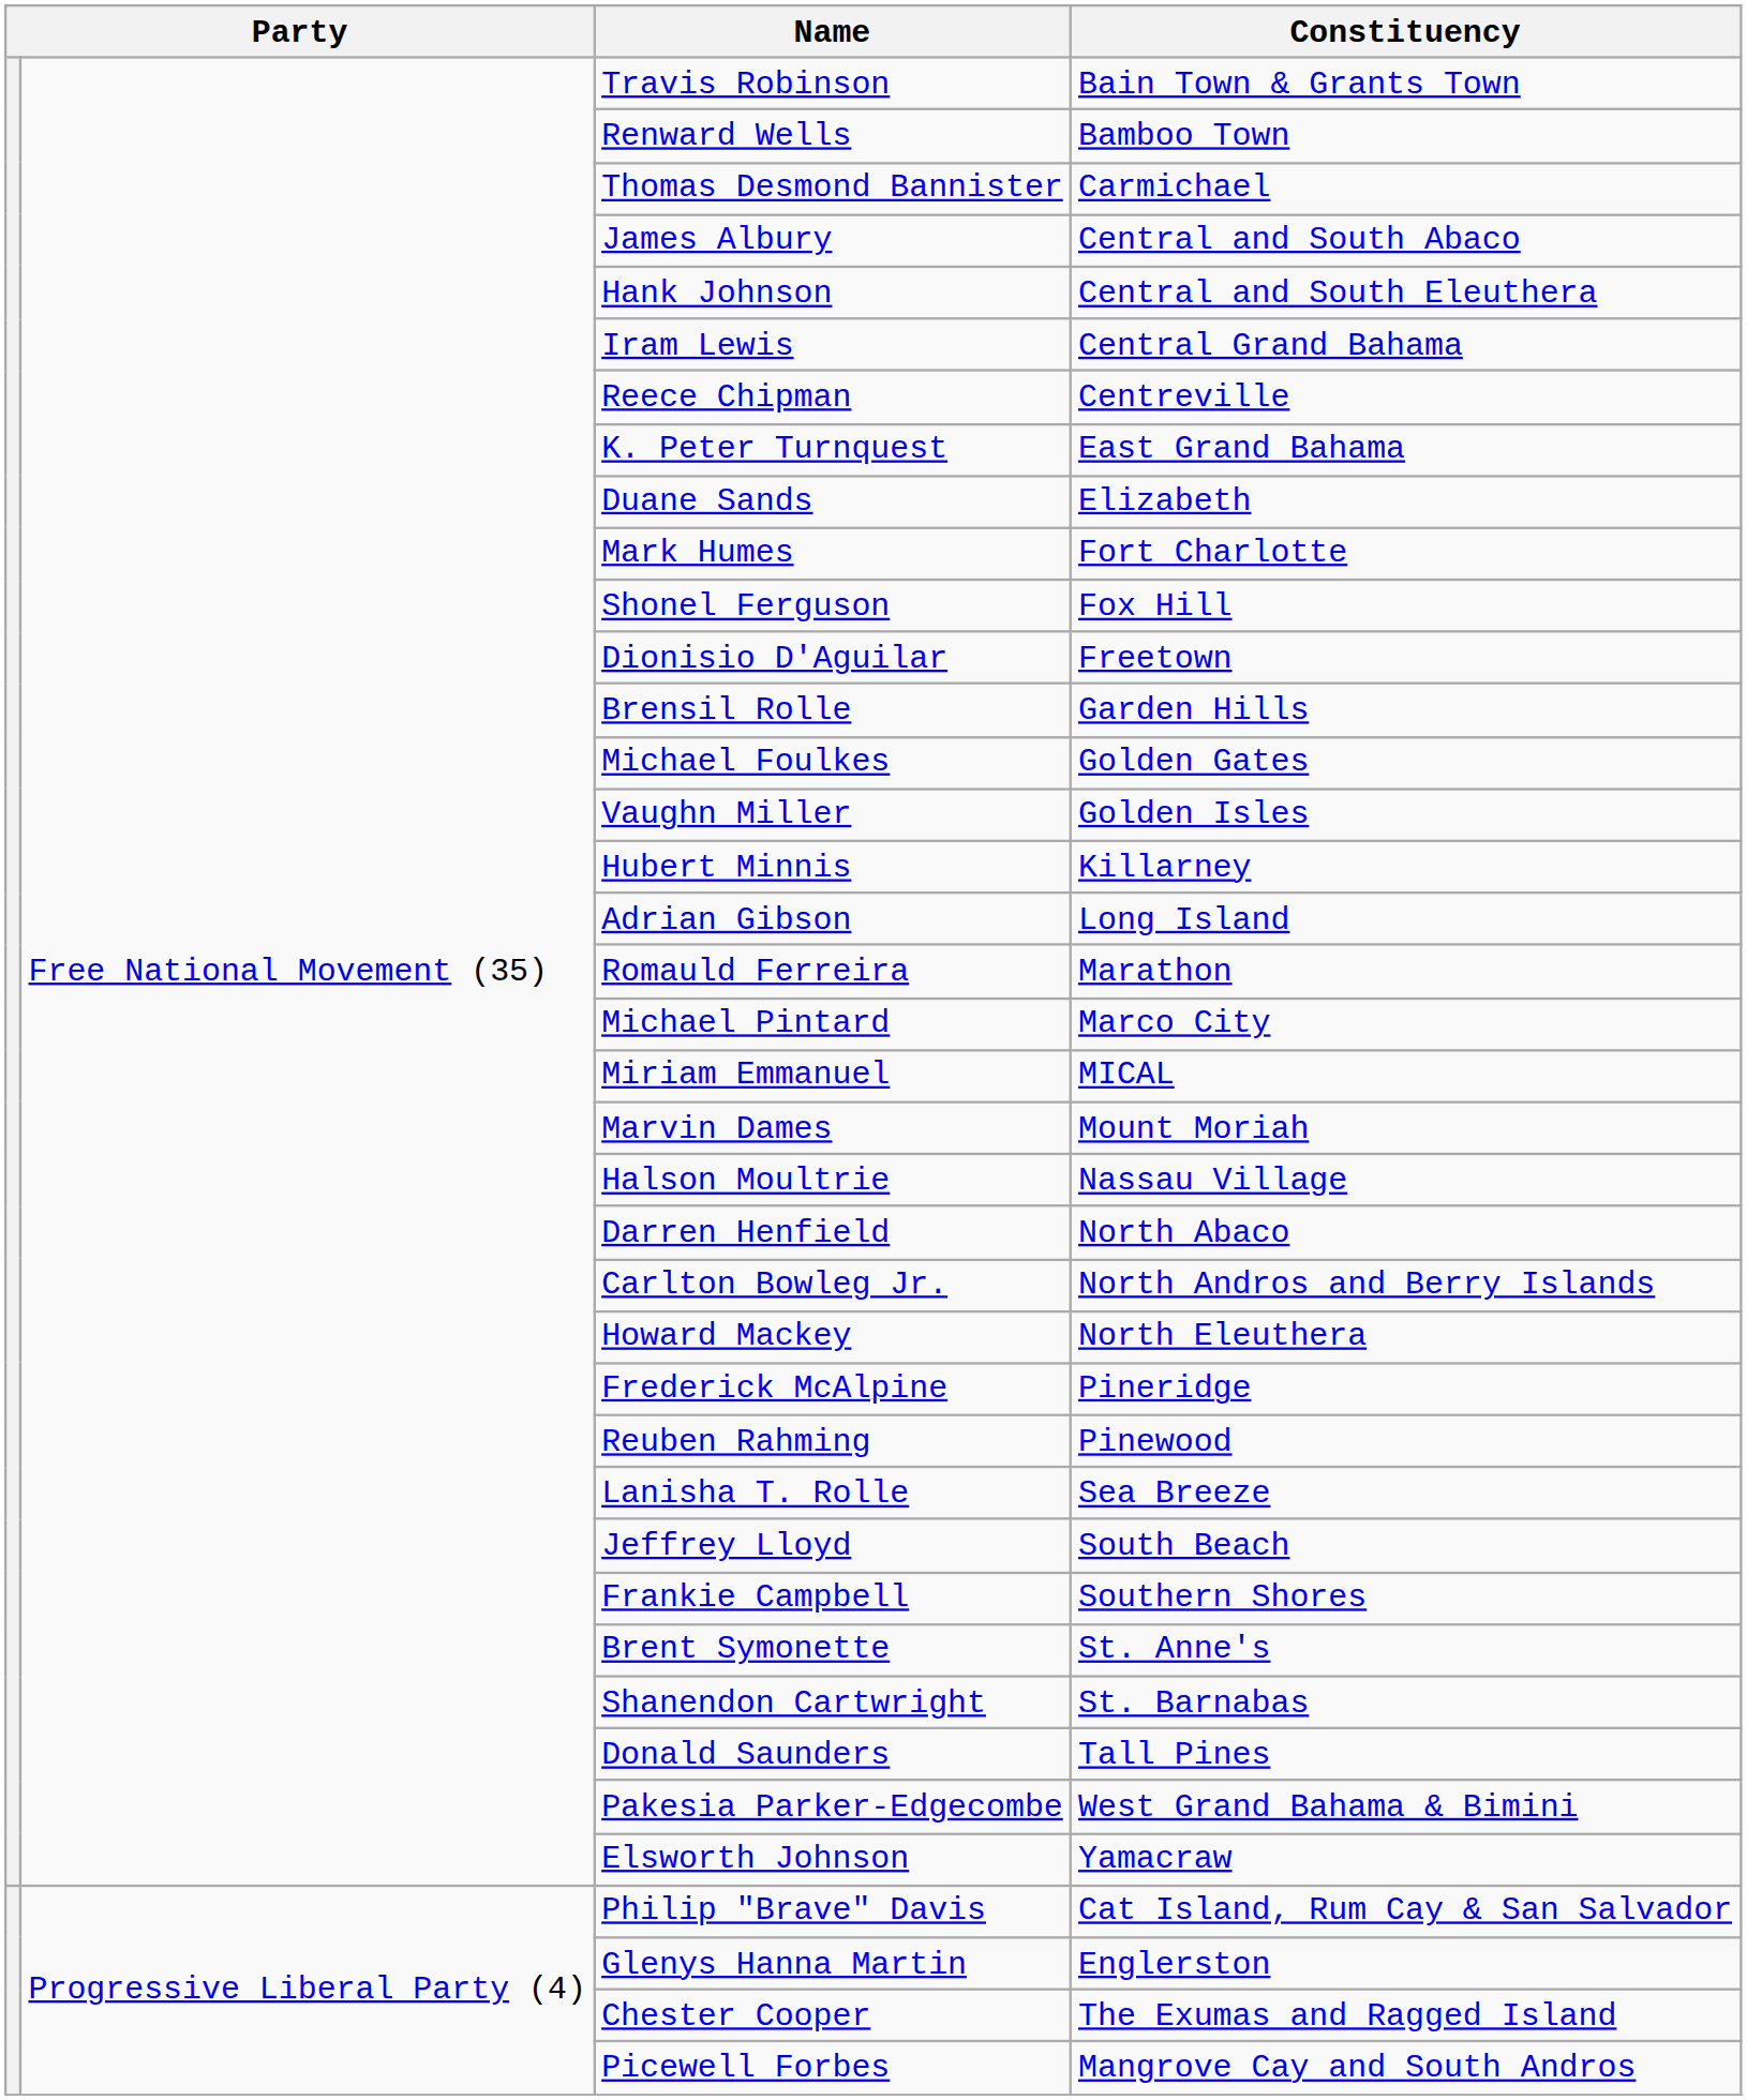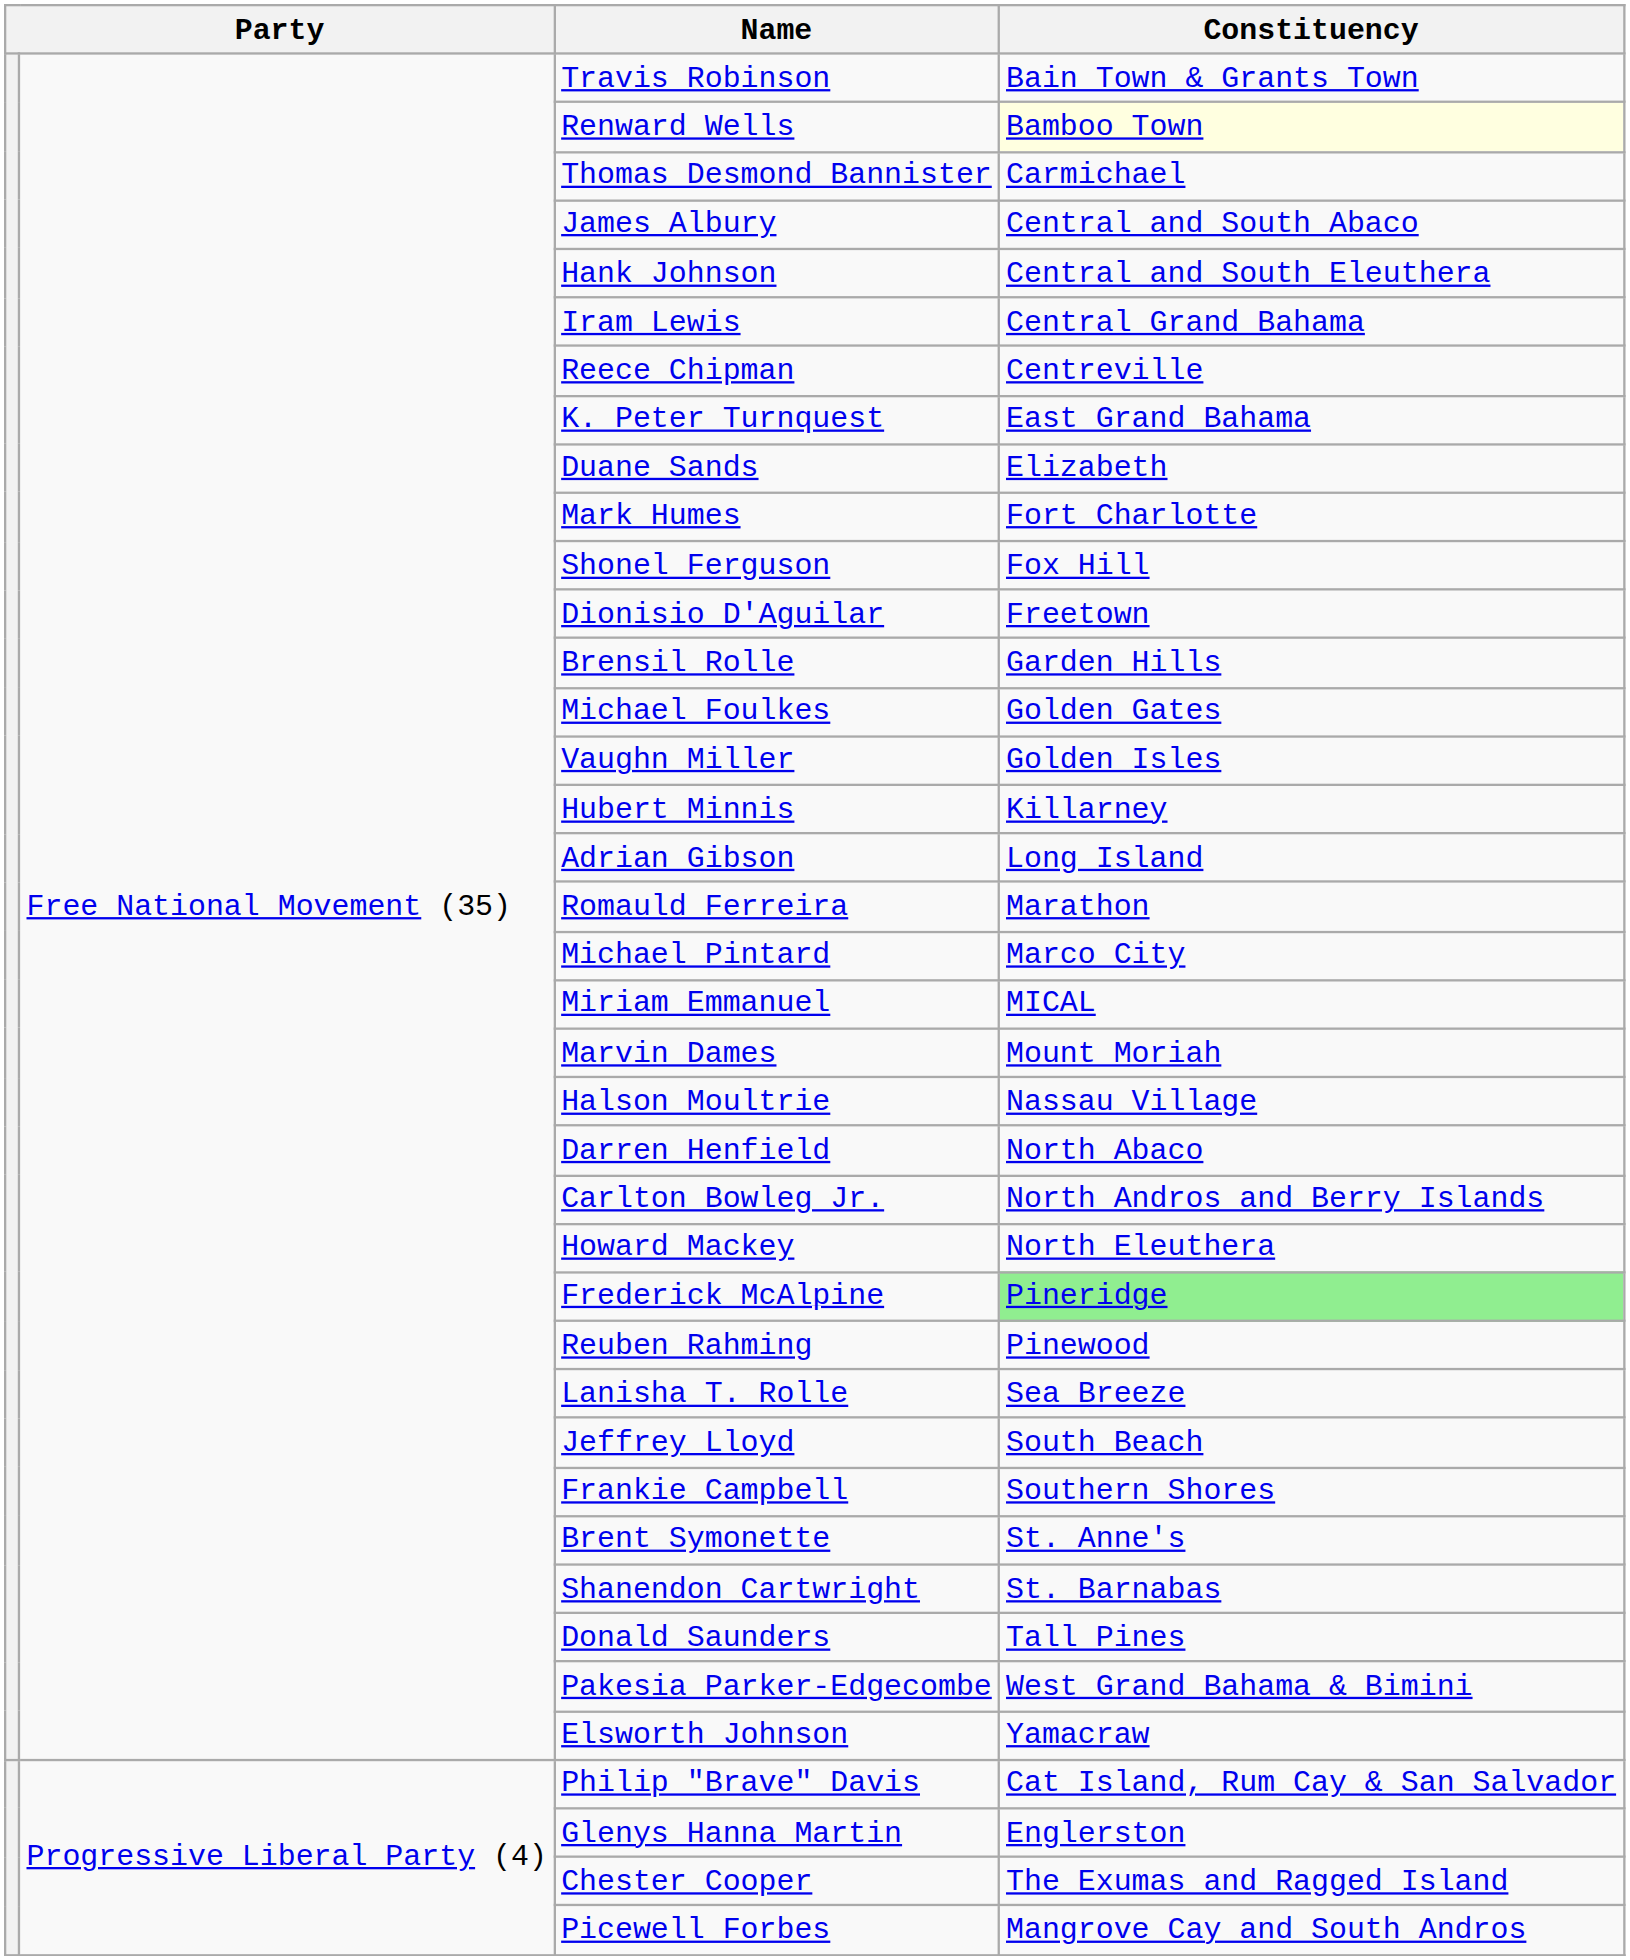 <table class="wikitable sortable">
 <tr>
 <th colspan=2>Party</th>
 <th>Name</th>
 <th>Constituency</th>
 </tr>
 <tr>
 <th rowspan="35" style="background-color: "></th>
 <td rowspan="35"><a href='#'>Free National Movement</a> (35)</td>
 <td><a href='#'>Travis Robinson</a></td>
 <td><a href='#'>Bain Town & Grants Town</a></td>
 </tr>
 <tr>
 <td><a href='#'>Renward Wells</a></td>
-<td><a href='#'>Bamboo Town</a></td>
+<td style="background: lightyellow;"><a href='#'>Bamboo Town</a></td>
 </tr>
 <tr>
 <td><a href='#'>Thomas Desmond Bannister</a></td>
 <td><a href='#'>Carmichael</a></td>
 </tr>
 <tr>
 <td><a href='#'>James Albury</a></td>
 <td><a href='#'>Central and South Abaco</a></td>
 </tr>
 <tr>
 <td><a href='#'>Hank Johnson</a></td>
 <td><a href='#'>Central and South Eleuthera</a></td>
 </tr>
 <tr>
 <td><a href='#'>Iram Lewis</a></td>
 <td><a href='#'>Central Grand Bahama</a></td>
 </tr>
 <tr>
 <td><a href='#'>Reece Chipman</a></td>
 <td><a href='#'>Centreville</a></td>
 </tr>
 <tr>
 <td><a href='#'>K. Peter Turnquest</a></td>
 <td><a href='#'>East Grand Bahama</a></td>
 </tr>
 <tr>
 <td><a href='#'>Duane Sands</a></td>
 <td><a href='#'>Elizabeth</a></td>
 </tr>
 <tr>
 <td><a href='#'>Mark Humes</a></td>
 <td><a href='#'>Fort Charlotte</a></td>
 </tr>
 <tr>
 <td><a href='#'>Shonel Ferguson</a></td>
 <td><a href='#'>Fox Hill</a></td>
 </tr>
 <tr>
 <td><a href='#'>Dionisio D'Aguilar</a></td>
 <td><a href='#'>Freetown</a></td>
 </tr>
 <tr>
 <td><a href='#'>Brensil Rolle</a></td>
 <td><a href='#'>Garden Hills</a></td>
 </tr>
 <tr>
 <td><a href='#'>Michael Foulkes</a></td>
 <td><a href='#'>Golden Gates</a></td>
 </tr>
 <tr>
 <td><a href='#'>Vaughn Miller</a></td>
 <td><a href='#'>Golden Isles</a></td>
 </tr>
 <tr>
 <td><a href='#'>Hubert Minnis</a></td>
 <td><a href='#'>Killarney</a></td>
 </tr>
 <tr>
 <td><a href='#'>Adrian Gibson</a></td>
 <td><a href='#'>Long Island</a></td>
 </tr>
 <tr>
 <td><a href='#'>Romauld Ferreira</a></td>
 <td><a href='#'>Marathon</a></td>
 </tr>
 <tr>
 <td><a href='#'>Michael Pintard</a></td>
 <td><a href='#'>Marco City</a></td>
 </tr>
 <tr>
 <td><a href='#'>Miriam Emmanuel</a></td>
 <td><a href='#'>MICAL</a></td>
 </tr>
 <tr>
 <td><a href='#'>Marvin Dames</a></td>
 <td><a href='#'>Mount Moriah</a></td>
 </tr>
 <tr>
 <td><a href='#'>Halson Moultrie</a></td>
 <td><a href='#'>Nassau Village</a></td>
 </tr>
 <tr>
 <td><a href='#'>Darren Henfield</a></td>
 <td><a href='#'>North Abaco</a></td>
 </tr>
 <tr>
 <td><a href='#'>Carlton Bowleg Jr.</a></td>
 <td><a href='#'>North Andros and Berry Islands</a></td>
 </tr>
 <tr>
 <td><a href='#'>Howard Mackey</a></td>
 <td><a href='#'>North Eleuthera</a></td>
 </tr>
 <tr>
 <td><a href='#'>Frederick McAlpine</a></td>
-<td><a href='#'>Pineridge</a></td>
+<td style="background: lightgreen;"><a href='#'>Pineridge</a></td>
 </tr>
 <tr>
 <td><a href='#'>Reuben Rahming</a></td>
 <td><a href='#'>Pinewood</a></td>
 </tr>
 <tr>
 <td><a href='#'>Lanisha T. Rolle</a></td>
 <td><a href='#'>Sea Breeze</a></td>
 </tr>
 <tr>
 <td><a href='#'>Jeffrey Lloyd</a></td>
 <td><a href='#'>South Beach</a></td>
 </tr>
 <tr>
 <td><a href='#'>Frankie Campbell</a></td>
 <td><a href='#'>Southern Shores</a></td>
 </tr>
 <tr>
 <td><a href='#'>Brent Symonette</a></td>
 <td><a href='#'>St. Anne's</a></td>
 </tr>
 <tr>
 <td><a href='#'>Shanendon Cartwright</a></td>
 <td><a href='#'>St. Barnabas</a></td>
 </tr>
 <tr>
 <td><a href='#'>Donald Saunders</a></td>
 <td><a href='#'>Tall Pines</a></td>
 </tr>
 <tr>
 <td><a href='#'>Pakesia Parker-Edgecombe</a></td>
 <td><a href='#'>West Grand Bahama & Bimini</a></td>
 </tr>
 <tr>
 <td><a href='#'>Elsworth Johnson</a></td>
 <td><a href='#'>Yamacraw</a></td>
 </tr>
 <tr>
 <th rowspan="4" style="background-color: "></th>
 <td rowspan="4"><a href='#'>Progressive Liberal Party</a> (4)</td>
 <td><a href='#'>Philip "Brave" Davis</a></td>
 <td><a href='#'>Cat Island, Rum Cay & San Salvador</a></td>
 </tr>
 <tr>
 <td><a href='#'>Glenys Hanna Martin</a></td>
 <td><a href='#'>Englerston</a></td>
 </tr>
 <tr>
 <td><a href='#'>Chester Cooper</a></td>
 <td><a href='#'>The Exumas and Ragged Island</a></td>
 </tr>
 <tr>
 <td><a href='#'>Picewell Forbes</a></td>
 <td><a href='#'>Mangrove Cay and South Andros</a></td>
 </tr>
 <tr>
 </tr>
 </table>
